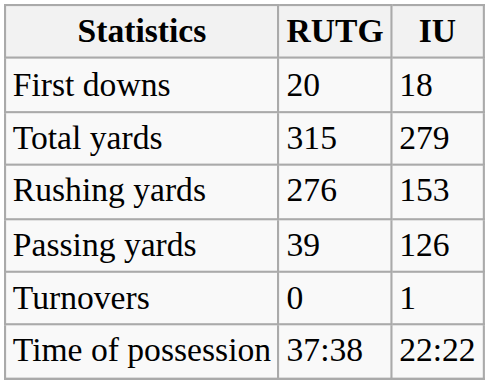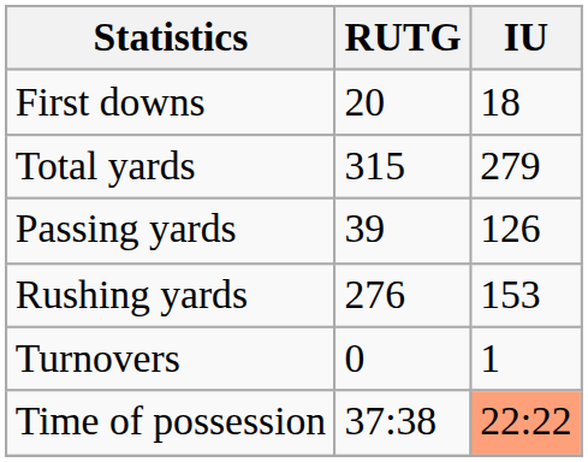 <table class="wikitable">
 <tr>
 <th>Statistics</th>
 <th>RUTG</th>
 <th>IU</th>
 </tr>
 <tr>
 <td>First downs</td>
 <td>20</td>
 <td>18</td>
 </tr>
 <tr>
 <td>Total yards</td>
 <td>315</td>
 <td>279</td>
 </tr>
 <tr>
+<td>Passing yards</td>
+<td>39</td>
+<td>126</td>
+</tr>
+<tr>
 <td>Rushing yards</td>
 <td>276</td>
 <td>153</td>
-</tr>
-<tr>
-<td>Passing yards</td>
-<td>39</td>
-<td>126</td>
 </tr>
 <tr>
 <td>Turnovers</td>
 <td>0</td>
 <td>1</td>
 </tr>
 <tr>
 <td>Time of possession</td>
 <td>37:38</td>
-<td>22:22</td>
+<td style="background: lightsalmon;">22:22</td>
 </tr>
 <tr>
 </tr>
 </table>
